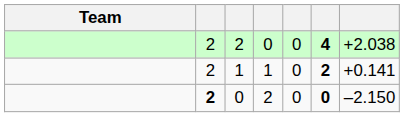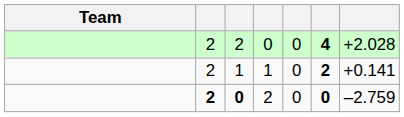 <table class="wikitable" style="text-align:center;">
 <tr>
 <th width=175>Team</th>
 <th style="width:20px;"></th>
 <th style="width:20px;"></th>
 <th style="width:20px;"></th>
 <th style="width:20px;"></th>
 <th style="width:20px;"></th>
 <th style="width:20px;"></th>
 </tr>
 <tr style="background:#cfc">
 <td align=left></td>
 <td>2</td>
 <td>2</td>
 <td>0</td>
 <td>0</td>
 <td><strong>4</strong></td>
-<td>+2.038</td>
+<td>+2.028</td>
 </tr>
 <tr>
 <td align=left></td>
 <td>2</td>
 <td>1</td>
 <td>1</td>
 <td>0</td>
 <td><strong>2</strong></td>
 <td>+0.141</td>
 </tr>
 <tr>
 <td align=left></td>
 <td><strong>2</strong></td>
-<td>0</td>
+<td><strong>0</strong></td>
 <td>2</td>
 <td>0</td>
 <td><strong>0</strong></td>
-<td>–2.150</td>
+<td>–2.759</td>
 </tr>
 </table>
